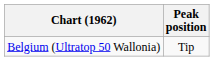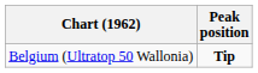 <table class="wikitable">
 <tr>
 <th align="left">Chart (1962)</th>
 <th align="center">Peak<br>position</th>
 </tr>
 <tr>
 <td align="left"><a href='#'>Belgium</a> (<a href='#'>Ultratop 50</a> Wallonia)</td>
-<td align="center">Tip</td>
+<td align="center"><strong>Tip</strong></td>
 </tr>
 </table>
